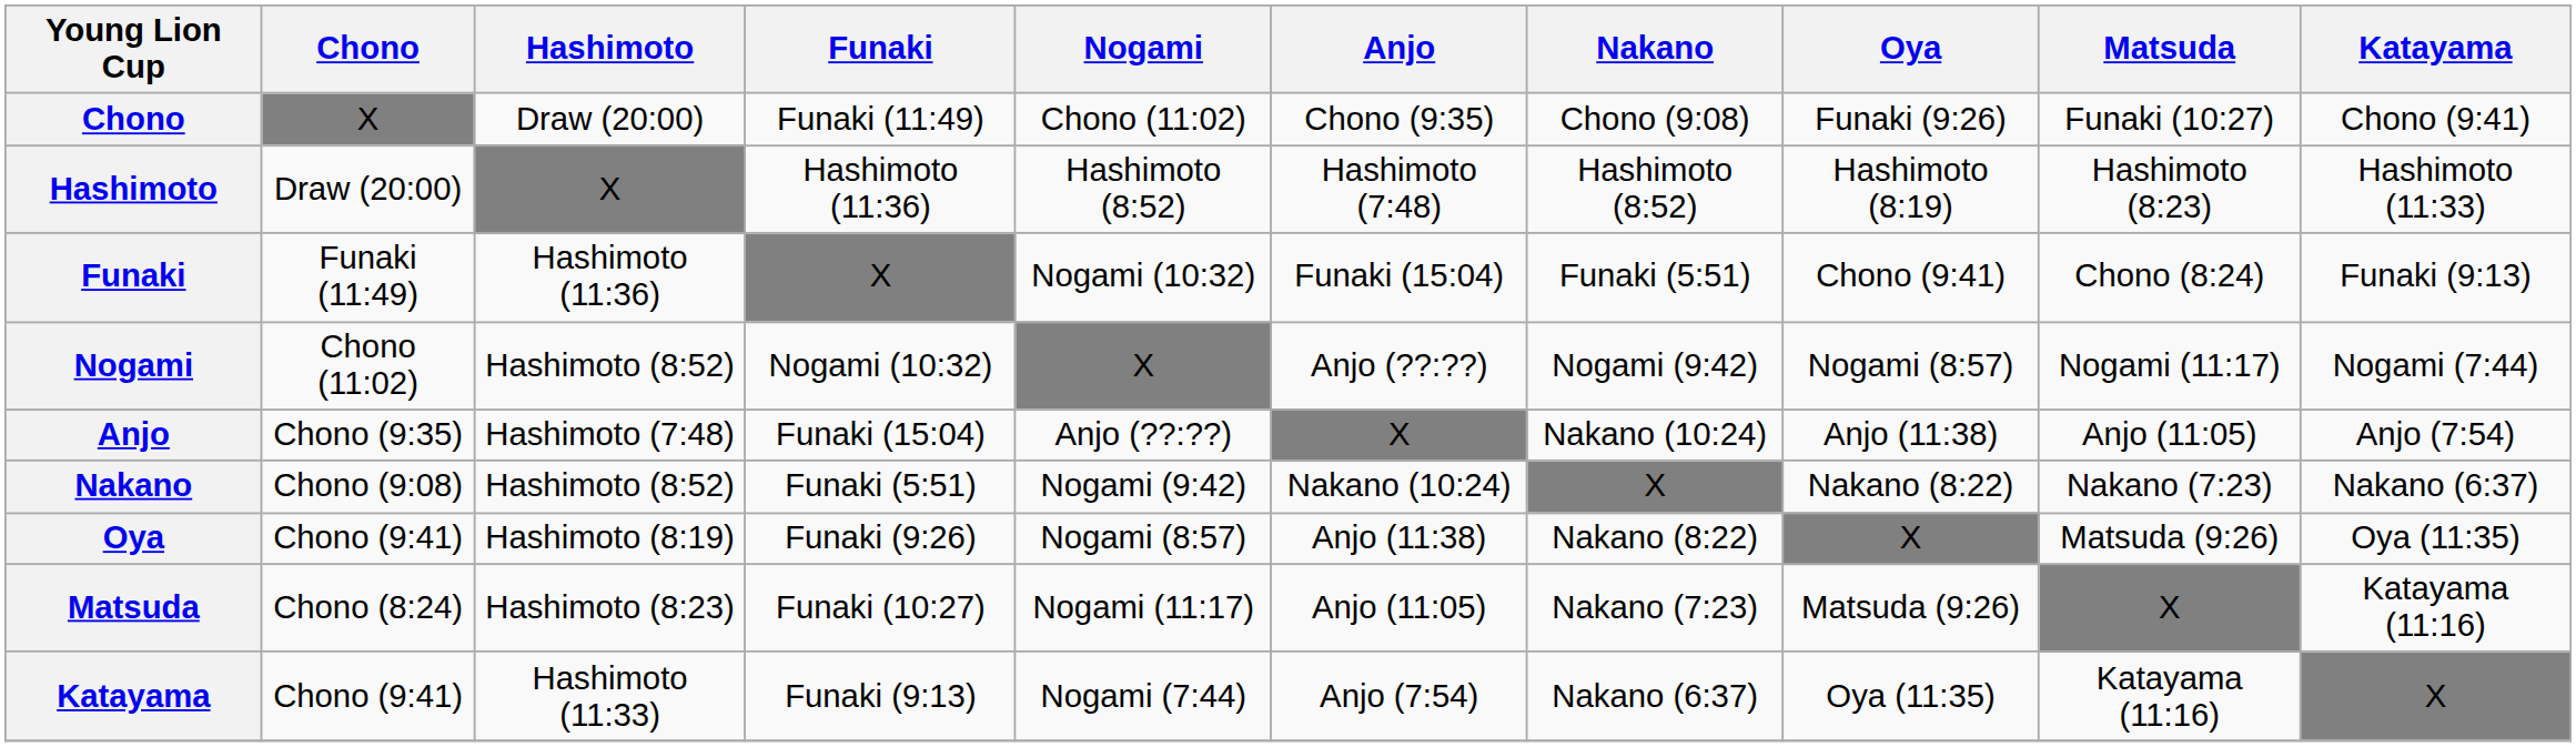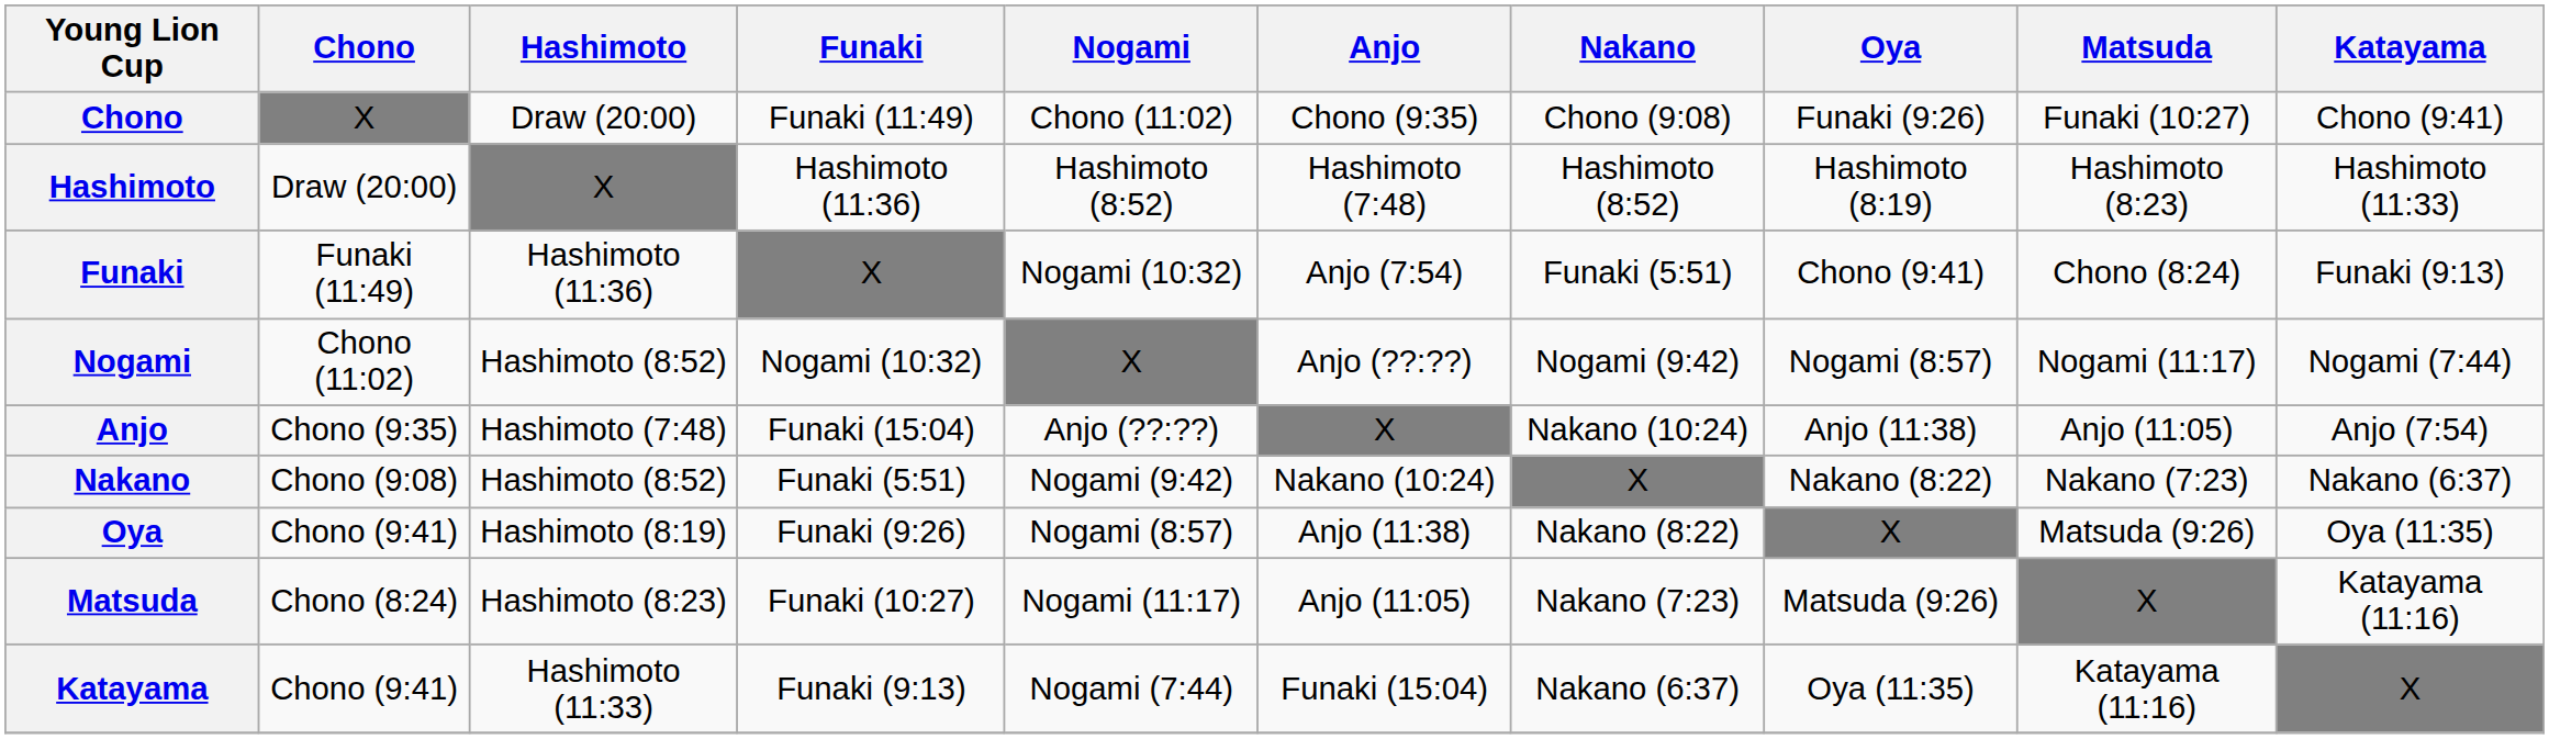 <table class="wikitable" style="margin: 1em auto 1em auto">
 <tr align="center">
 <th>Young Lion Cup</th>
 <th><a href='#'>Chono</a></th>
 <th><a href='#'>Hashimoto</a></th>
 <th><a href='#'>Funaki</a></th>
 <th><a href='#'>Nogami</a></th>
 <th><a href='#'>Anjo</a></th>
 <th><a href='#'>Nakano</a></th>
 <th><a href='#'>Oya</a></th>
 <th><a href='#'>Matsuda</a></th>
 <th><a href='#'>Katayama</a></th>
 </tr>
 <tr align="center">
 <th><a href='#'>Chono</a></th>
 <td bgcolor=grey>X</td>
 <td>Draw (20:00)</td>
 <td>Funaki (11:49)</td>
 <td>Chono (11:02)</td>
 <td>Chono (9:35)</td>
 <td>Chono (9:08)</td>
 <td>Funaki (9:26)</td>
 <td>Funaki (10:27)</td>
 <td>Chono (9:41)</td>
 </tr>
 <tr align="center">
 <th><a href='#'>Hashimoto</a></th>
 <td>Draw (20:00)</td>
 <td bgcolor="grey">X</td>
 <td>Hashimoto (11:36)</td>
 <td>Hashimoto (8:52)</td>
 <td>Hashimoto (7:48)</td>
 <td>Hashimoto (8:52)</td>
 <td>Hashimoto (8:19)</td>
 <td>Hashimoto (8:23)</td>
 <td>Hashimoto (11:33)</td>
 </tr>
 <tr align="center">
 <th><a href='#'>Funaki</a></th>
 <td>Funaki (11:49)</td>
 <td>Hashimoto (11:36)</td>
 <td bgcolor="grey">X</td>
 <td>Nogami (10:32)</td>
-<td>Funaki (15:04)</td>
+<td>Anjo (7:54)</td>
 <td>Funaki (5:51)</td>
 <td>Chono (9:41)</td>
 <td>Chono (8:24)</td>
 <td>Funaki (9:13)</td>
 </tr>
 <tr align="center">
 <th><a href='#'>Nogami</a></th>
 <td>Chono (11:02)</td>
 <td>Hashimoto (8:52)</td>
 <td>Nogami (10:32)</td>
 <td bgcolor="grey">X</td>
 <td>Anjo (??:??)</td>
 <td>Nogami (9:42)</td>
 <td>Nogami (8:57)</td>
 <td>Nogami (11:17)</td>
 <td>Nogami (7:44)</td>
 </tr>
 <tr align="center">
 <th><a href='#'>Anjo</a></th>
 <td>Chono (9:35)</td>
 <td>Hashimoto (7:48)</td>
 <td>Funaki (15:04)</td>
 <td>Anjo (??:??)</td>
 <td bgcolor="grey">X</td>
 <td>Nakano (10:24)</td>
 <td>Anjo (11:38)</td>
 <td>Anjo (11:05)</td>
 <td>Anjo (7:54)</td>
 </tr>
 <tr align="center">
 <th><a href='#'>Nakano</a></th>
 <td>Chono (9:08)</td>
 <td>Hashimoto (8:52)</td>
 <td>Funaki (5:51)</td>
 <td>Nogami (9:42)</td>
 <td>Nakano (10:24)</td>
 <td bgcolor="grey">X</td>
 <td>Nakano (8:22)</td>
 <td>Nakano (7:23)</td>
 <td>Nakano (6:37)</td>
 </tr>
 <tr align="center">
 <th><a href='#'>Oya</a></th>
 <td>Chono (9:41)</td>
 <td>Hashimoto (8:19)</td>
 <td>Funaki (9:26)</td>
 <td>Nogami (8:57)</td>
 <td>Anjo (11:38)</td>
 <td>Nakano (8:22)</td>
 <td bgcolor="grey">X</td>
 <td>Matsuda (9:26)</td>
 <td>Oya (11:35)</td>
 </tr>
 <tr align="center">
 <th><a href='#'>Matsuda</a></th>
 <td>Chono (8:24)</td>
 <td>Hashimoto (8:23)</td>
 <td>Funaki (10:27)</td>
 <td>Nogami (11:17)</td>
 <td>Anjo (11:05)</td>
 <td>Nakano (7:23)</td>
 <td>Matsuda (9:26)</td>
 <td bgcolor="grey">X</td>
 <td>Katayama (11:16)</td>
 </tr>
 <tr align="center">
 <th><a href='#'>Katayama</a></th>
 <td>Chono (9:41)</td>
 <td>Hashimoto (11:33)</td>
 <td>Funaki (9:13)</td>
 <td>Nogami (7:44)</td>
-<td>Anjo (7:54)</td>
+<td>Funaki (15:04)</td>
 <td>Nakano (6:37)</td>
 <td>Oya (11:35)</td>
 <td>Katayama (11:16)</td>
 <td bgcolor="grey">X</td>
 </tr>
 <tr align="center">
 </tr>
 </table>
